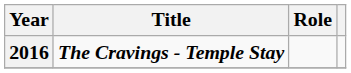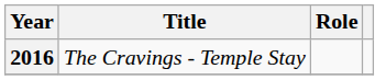 <table class="wikitable plainrowheaders">
 <tr>
 <th scope="col">Year</th>
 <th scope="col">Title</th>
 <th scope="col">Role</th>
 <th scope="col" class="unsortable"></th>
 </tr>
 <tr>
 <th scope="row">2016</th>
-<td><strong><em>The Cravings - Temple Stay</em></strong></td>
+<td><em>The Cravings - Temple Stay</em></td>
 <td></td>
 <td></td>
 </tr>
 <tr>
 </tr>
 </table>
